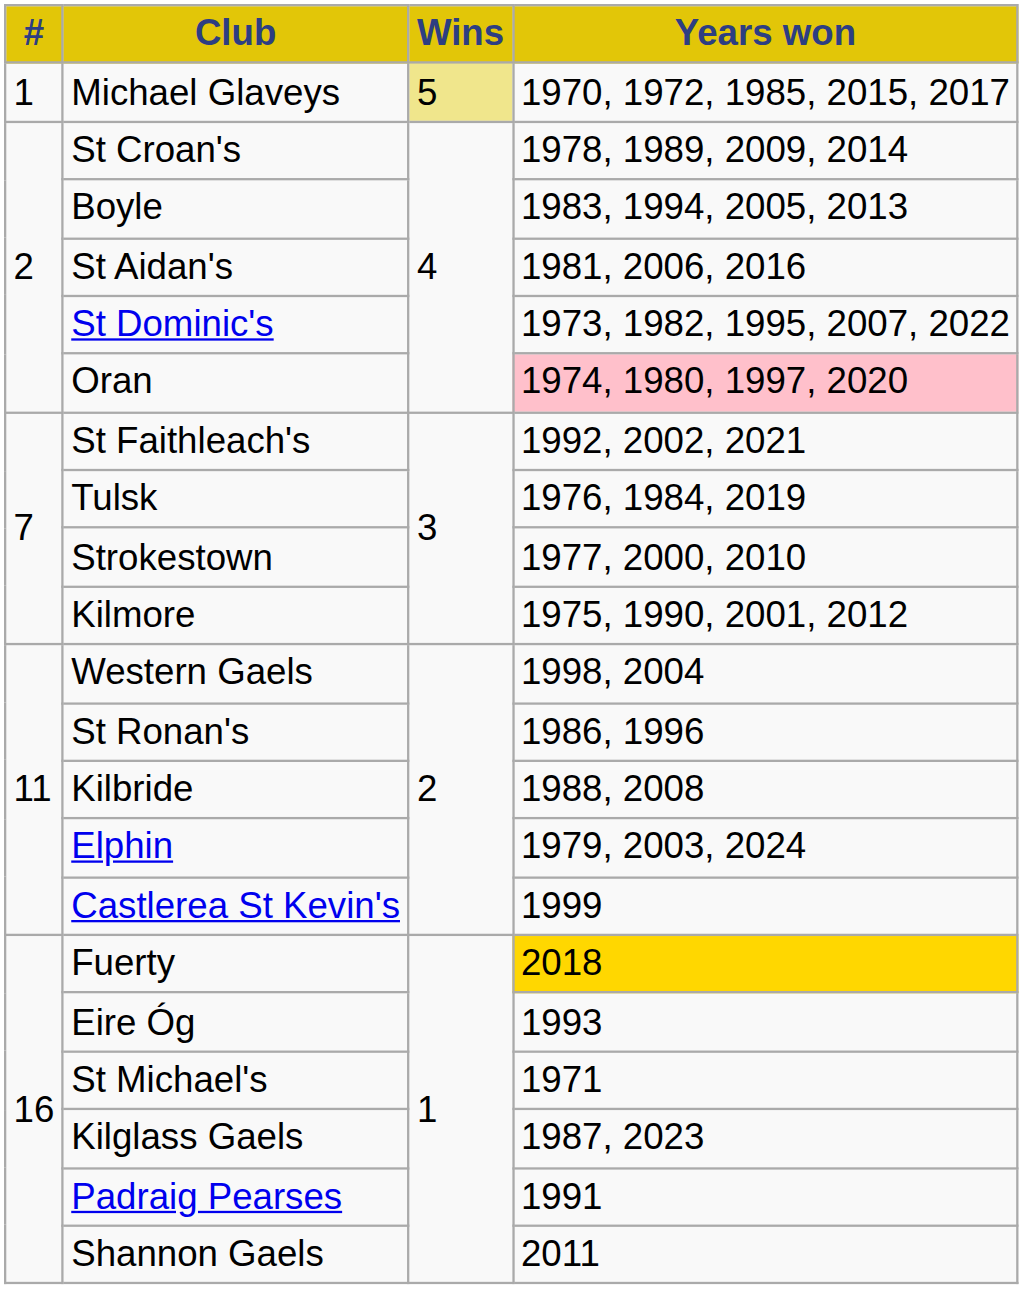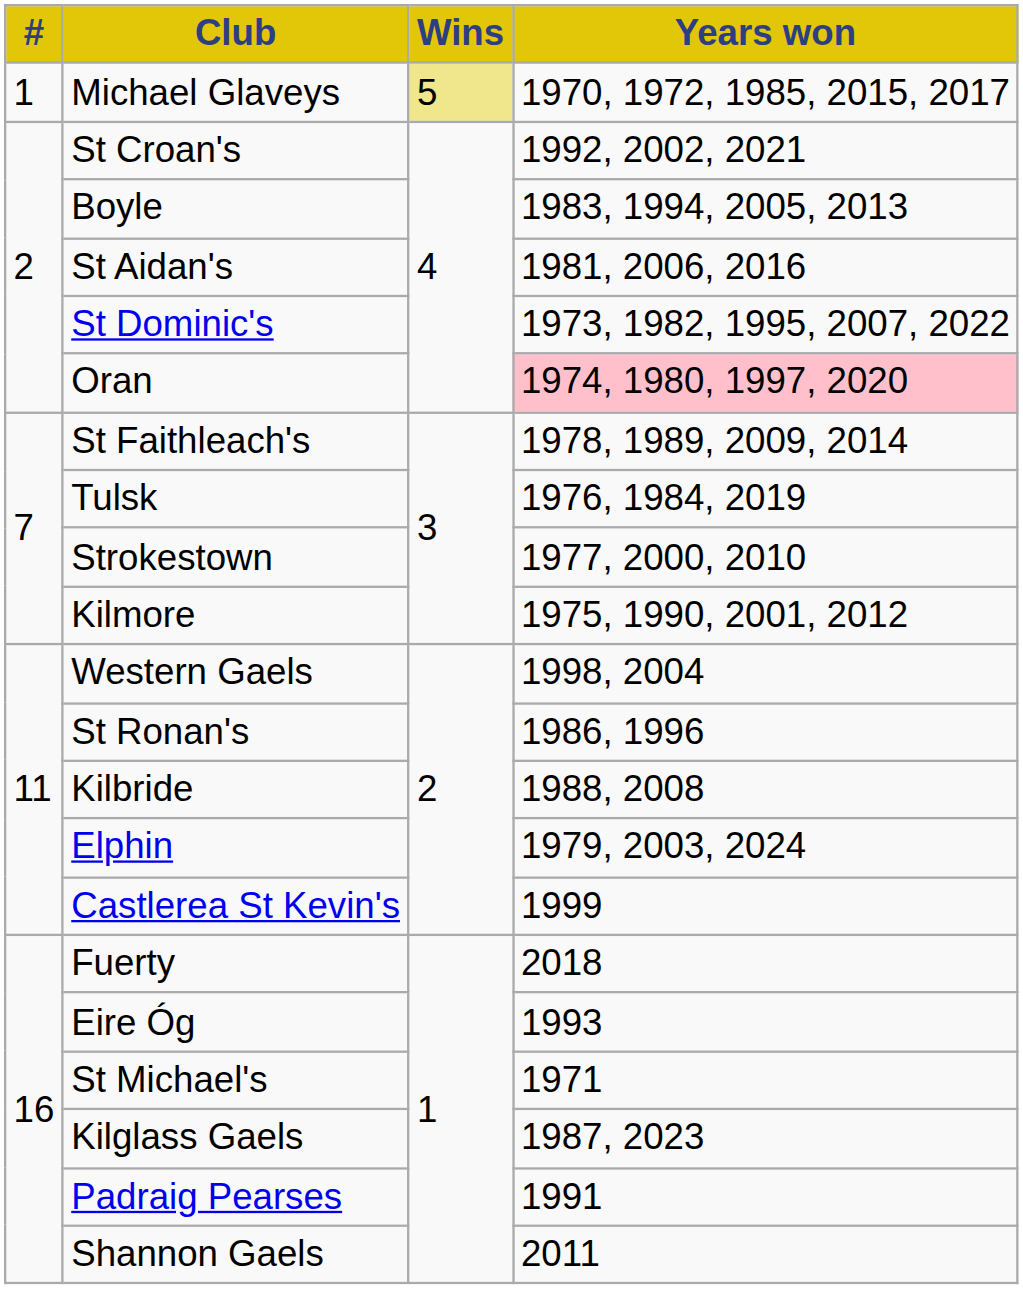 <table class="wikitable">
 <tr>
 <th style="background:#E2C608;color:#2D3E82;">#</th>
 <th style="background:#E2C608;color:#2D3E82;">Club</th>
 <th style="background:#E2C608;color:#2D3E82;">Wins</th>
 <th style="background:#E2C608;color:#2D3E82;">Years won</th>
 </tr>
 <tr>
 <td>1</td>
 <td>Michael Glaveys</td>
 <td style="background: khaki;">5</td>
 <td>1970, 1972, 1985, 2015, 2017</td>
 </tr>
 <tr>
 <td rowspan=5>2</td>
 <td>St Croan's</td>
 <td rowspan=5>4</td>
-<td>1978, 1989, 2009, 2014</td>
+<td>1992, 2002, 2021</td>
 </tr>
 <tr>
 <td>Boyle</td>
 <td>1983, 1994, 2005, 2013</td>
 </tr>
 <tr>
 <td>St Aidan's</td>
 <td>1981, 2006, 2016</td>
 </tr>
 <tr>
 <td><a href='#'>St Dominic's</a></td>
 <td>1973, 1982, 1995, 2007, 2022</td>
 </tr>
 <tr>
 <td>Oran</td>
 <td style="background: pink;">1974, 1980, 1997, 2020</td>
 </tr>
 <tr>
 <td rowspan=4>7</td>
 <td>St Faithleach's</td>
 <td rowspan=4>3</td>
-<td>1992, 2002, 2021</td>
+<td>1978, 1989, 2009, 2014</td>
 </tr>
 <tr>
 <td>Tulsk</td>
 <td>1976, 1984, 2019</td>
 </tr>
 <tr>
 <td>Strokestown</td>
 <td>1977, 2000, 2010</td>
 </tr>
 <tr>
 <td>Kilmore</td>
 <td>1975, 1990, 2001, 2012</td>
 </tr>
 <tr>
 <td rowspan=5>11</td>
 <td>Western Gaels</td>
 <td rowspan=5>2</td>
 <td>1998, 2004</td>
 </tr>
 <tr>
 <td>St Ronan's</td>
 <td>1986, 1996</td>
 </tr>
 <tr>
 <td>Kilbride</td>
 <td>1988, 2008</td>
 </tr>
 <tr>
 <td><a href='#'>Elphin</a></td>
 <td>1979, 2003, 2024</td>
 </tr>
 <tr>
 <td><a href='#'>Castlerea St Kevin's</a></td>
 <td>1999</td>
 </tr>
 <tr>
 <td rowspan=7>16</td>
 <td>Fuerty</td>
 <td rowspan=7>1</td>
-<td style="background: gold;">2018</td>
+<td>2018</td>
 </tr>
 <tr>
 <td>Eire Óg</td>
 <td>1993</td>
 </tr>
 <tr>
 <td>St Michael's</td>
 <td>1971</td>
 </tr>
 <tr>
 <td>Kilglass Gaels</td>
 <td>1987, 2023</td>
 </tr>
 <tr>
 <td><a href='#'>Padraig Pearses</a></td>
 <td>1991</td>
 </tr>
 <tr>
 <td>Shannon Gaels</td>
 <td>2011</td>
 </tr>
 </table>
